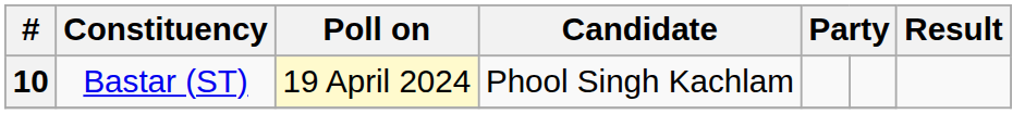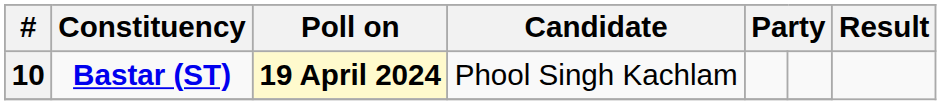 <table class="wikitable sortable" style="text-align:center;">
 <tr>
 <th>#</th>
 <th>Constituency</th>
 <th>Poll on</th>
 <th>Candidate</th>
 <th colspan="2">Party</th>
 <th>Result</th>
 </tr>
 <tr>
 <th>10</th>
-<td><a href='#'>Bastar (ST)</a></td>
-<td bgcolor=#FFFACD>19 April 2024</td>
+<td><strong><a href='#'>Bastar (ST)</a></strong></td>
+<td bgcolor=#FFFACD><strong>19 April 2024</strong></td>
 <td>Phool Singh Kachlam</td>
 <td></td>
 <td></td>
 </tr>
 <tr>
 </tr>
 </table>
